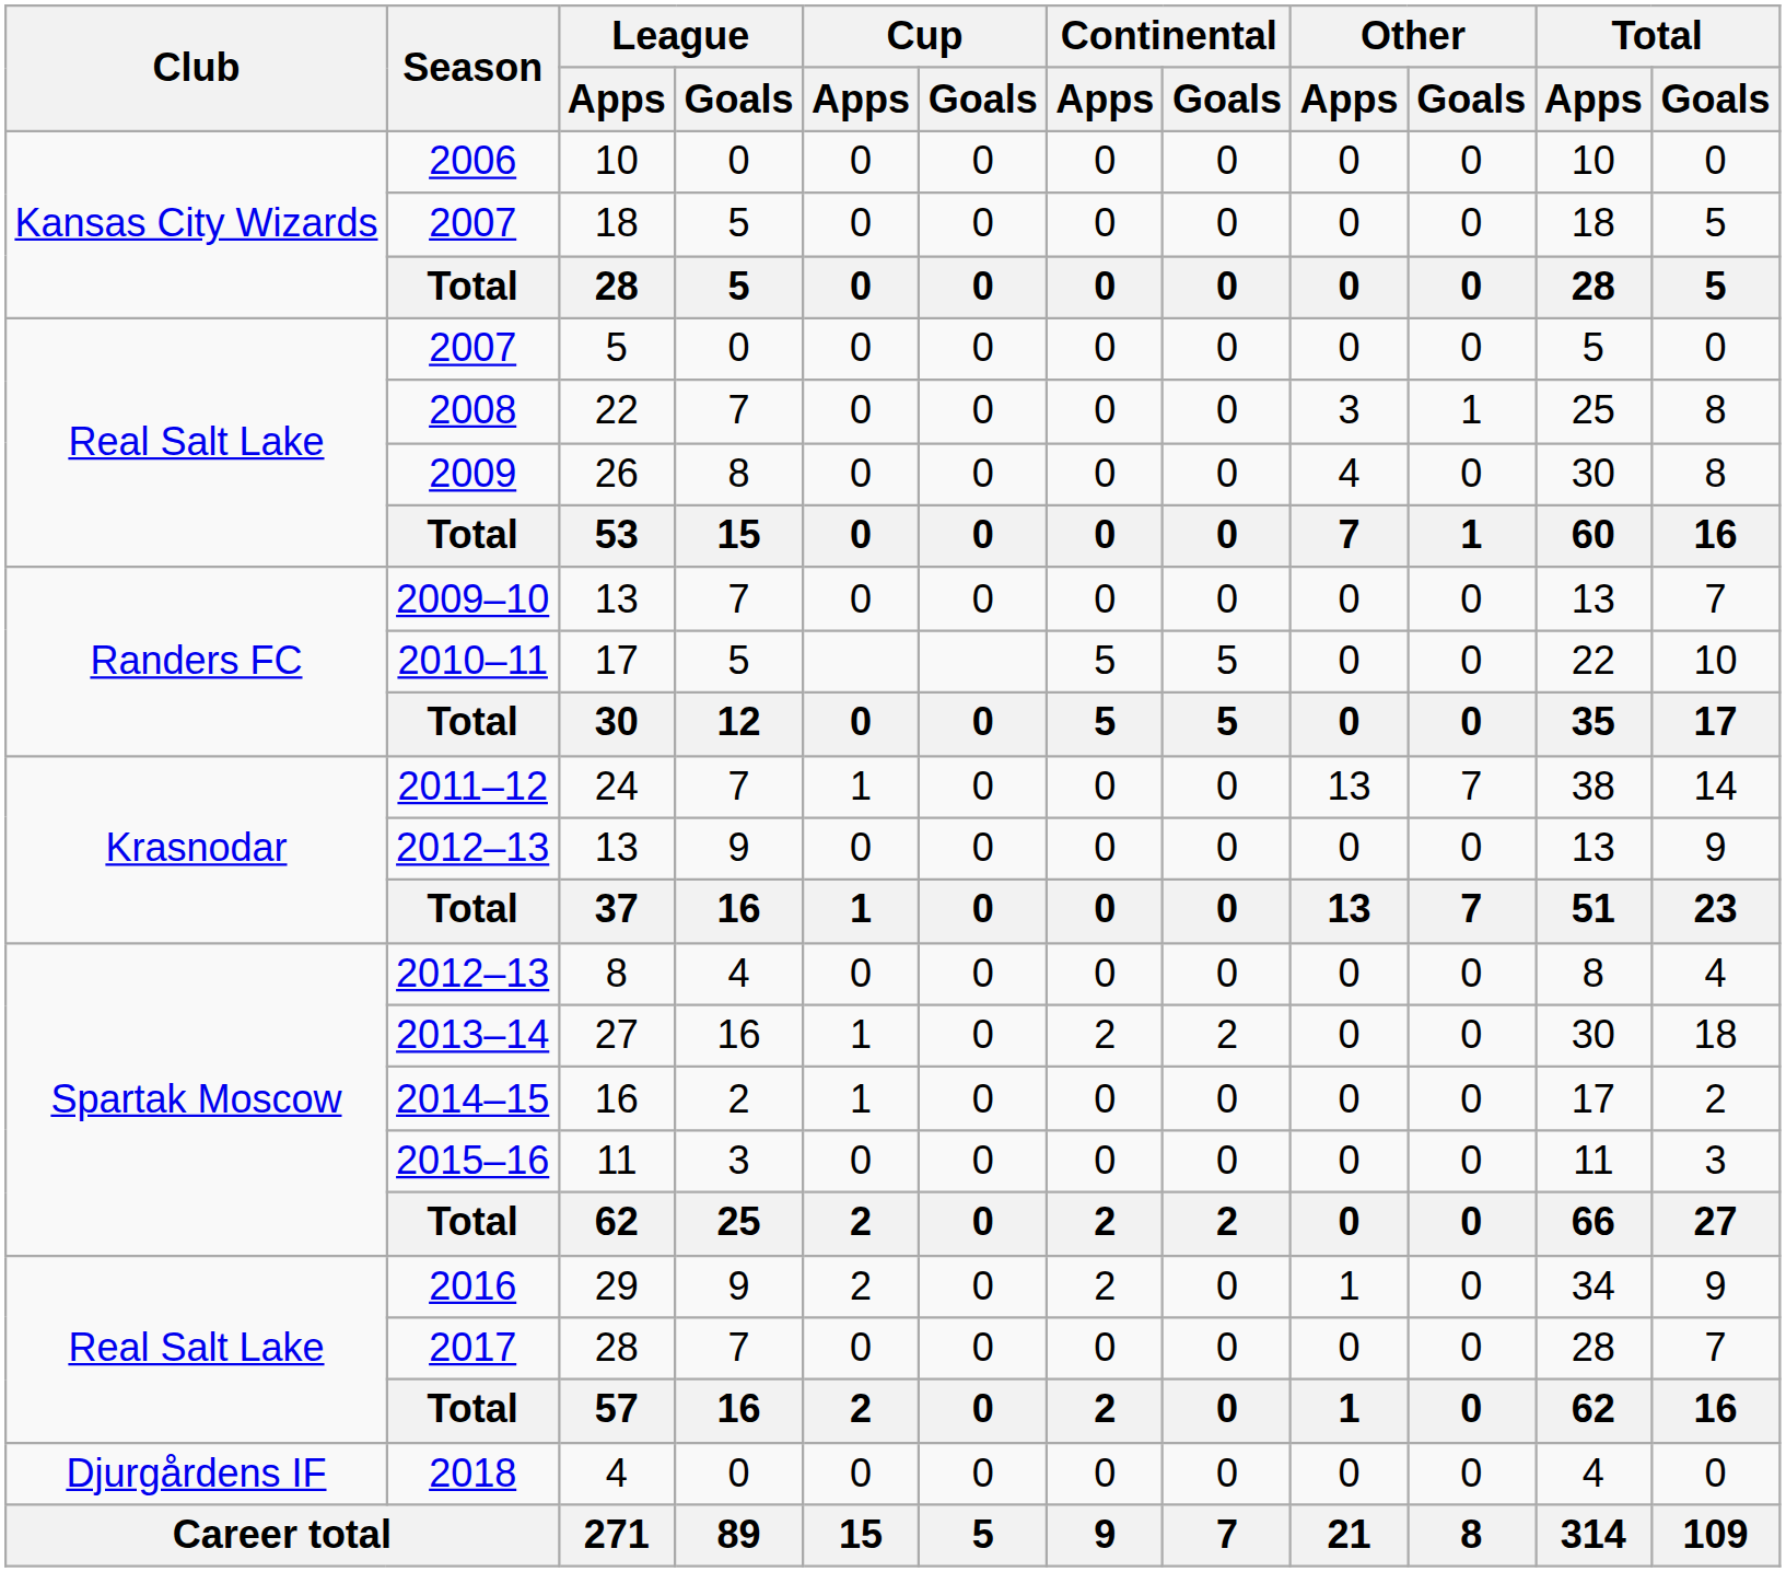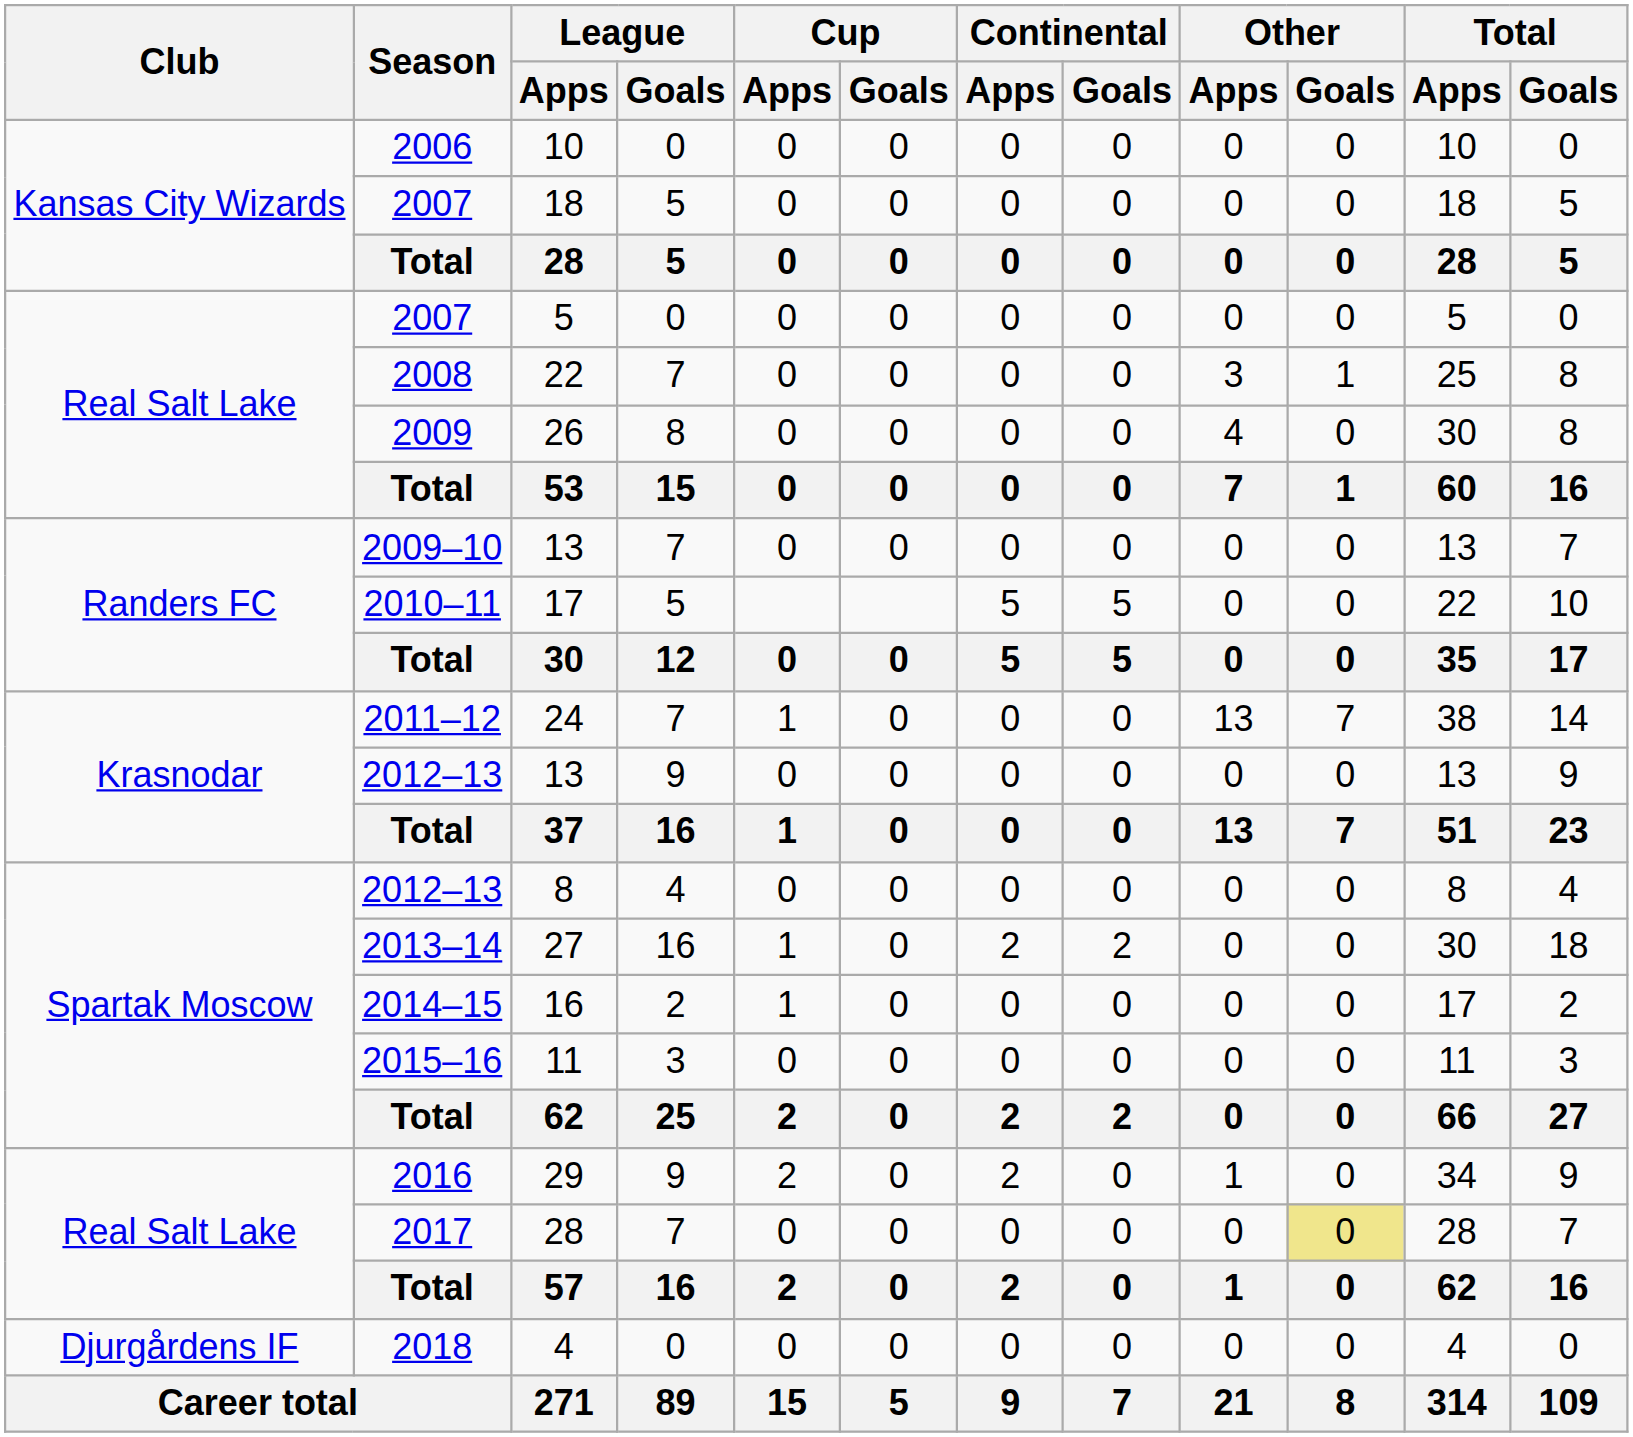 <table class="wikitable" style="text-align:center">
 <tr>
 <th rowspan=2>Club</th>
 <th rowspan=2>Season</th>
 <th colspan=2>League</th>
 <th colspan=2>Cup</th>
 <th colspan=2>Continental</th>
 <th colspan=2>Other</th>
 <th colspan=2>Total</th>
 </tr>
 <tr>
 <th>Apps</th>
 <th>Goals</th>
 <th>Apps</th>
 <th>Goals</th>
 <th>Apps</th>
 <th>Goals</th>
 <th>Apps</th>
 <th>Goals</th>
 <th>Apps</th>
 <th>Goals</th>
 </tr>
 <tr>
 <td rowspan=3><a href='#'>Kansas City Wizards</a></td>
 <td><a href='#'>2006</a></td>
 <td>10</td>
 <td>0</td>
 <td>0</td>
 <td>0</td>
 <td>0</td>
 <td>0</td>
 <td>0</td>
 <td>0</td>
 <td>10</td>
 <td>0</td>
 </tr>
 <tr>
 <td><a href='#'>2007</a></td>
 <td>18</td>
 <td>5</td>
 <td>0</td>
 <td>0</td>
 <td>0</td>
 <td>0</td>
 <td>0</td>
 <td>0</td>
 <td>18</td>
 <td>5</td>
 </tr>
 <tr>
 <th>Total</th>
 <th>28</th>
 <th>5</th>
 <th>0</th>
 <th>0</th>
 <th>0</th>
 <th>0</th>
 <th>0</th>
 <th>0</th>
 <th>28</th>
 <th>5</th>
 </tr>
 <tr>
 <td rowspan=4><a href='#'>Real Salt Lake</a></td>
 <td><a href='#'>2007</a></td>
 <td>5</td>
 <td>0</td>
 <td>0</td>
 <td>0</td>
 <td>0</td>
 <td>0</td>
 <td>0</td>
 <td>0</td>
 <td>5</td>
 <td>0</td>
 </tr>
 <tr>
 <td><a href='#'>2008</a></td>
 <td>22</td>
 <td>7</td>
 <td>0</td>
 <td>0</td>
 <td>0</td>
 <td>0</td>
 <td>3</td>
 <td>1</td>
 <td>25</td>
 <td>8</td>
 </tr>
 <tr>
 <td><a href='#'>2009</a></td>
 <td>26</td>
 <td>8</td>
 <td>0</td>
 <td>0</td>
 <td>0</td>
 <td>0</td>
 <td>4</td>
 <td>0</td>
 <td>30</td>
 <td>8</td>
 </tr>
 <tr>
 <th>Total</th>
 <th>53</th>
 <th>15</th>
 <th>0</th>
 <th>0</th>
 <th>0</th>
 <th>0</th>
 <th>7</th>
 <th>1</th>
 <th>60</th>
 <th>16</th>
 </tr>
 <tr>
 <td rowspan=3><a href='#'>Randers FC</a></td>
 <td><a href='#'>2009–10</a></td>
 <td>13</td>
 <td>7</td>
 <td>0</td>
 <td>0</td>
 <td>0</td>
 <td>0</td>
 <td>0</td>
 <td>0</td>
 <td>13</td>
 <td>7</td>
 </tr>
 <tr>
 <td><a href='#'>2010–11</a></td>
 <td>17</td>
 <td>5</td>
 <td></td>
 <td></td>
 <td>5</td>
 <td>5</td>
 <td>0</td>
 <td>0</td>
 <td>22</td>
 <td>10</td>
 </tr>
 <tr>
 <th>Total</th>
 <th>30</th>
 <th>12</th>
 <th>0</th>
 <th>0</th>
 <th>5</th>
 <th>5</th>
 <th>0</th>
 <th>0</th>
 <th>35</th>
 <th>17</th>
 </tr>
 <tr>
 <td rowspan=3><a href='#'>Krasnodar</a></td>
 <td><a href='#'>2011–12</a></td>
 <td>24</td>
 <td>7</td>
 <td>1</td>
 <td>0</td>
 <td>0</td>
 <td>0</td>
 <td>13</td>
 <td>7</td>
 <td>38</td>
 <td>14</td>
 </tr>
 <tr>
 <td><a href='#'>2012–13</a></td>
 <td>13</td>
 <td>9</td>
 <td>0</td>
 <td>0</td>
 <td>0</td>
 <td>0</td>
 <td>0</td>
 <td>0</td>
 <td>13</td>
 <td>9</td>
 </tr>
 <tr>
 <th>Total</th>
 <th>37</th>
 <th>16</th>
 <th>1</th>
 <th>0</th>
 <th>0</th>
 <th>0</th>
 <th>13</th>
 <th>7</th>
 <th>51</th>
 <th>23</th>
 </tr>
 <tr>
 <td rowspan=5><a href='#'>Spartak Moscow</a></td>
 <td><a href='#'>2012–13</a></td>
 <td>8</td>
 <td>4</td>
 <td>0</td>
 <td>0</td>
 <td>0</td>
 <td>0</td>
 <td>0</td>
 <td>0</td>
 <td>8</td>
 <td>4</td>
 </tr>
 <tr>
 <td><a href='#'>2013–14</a></td>
 <td>27</td>
 <td>16</td>
 <td>1</td>
 <td>0</td>
 <td>2</td>
 <td>2</td>
 <td>0</td>
 <td>0</td>
 <td>30</td>
 <td>18</td>
 </tr>
 <tr>
 <td><a href='#'>2014–15</a></td>
 <td>16</td>
 <td>2</td>
 <td>1</td>
 <td>0</td>
 <td>0</td>
 <td>0</td>
 <td>0</td>
 <td>0</td>
 <td>17</td>
 <td>2</td>
 </tr>
 <tr>
 <td><a href='#'>2015–16</a></td>
 <td>11</td>
 <td>3</td>
 <td>0</td>
 <td>0</td>
 <td>0</td>
 <td>0</td>
 <td>0</td>
 <td>0</td>
 <td>11</td>
 <td>3</td>
 </tr>
 <tr>
 <th>Total</th>
 <th>62</th>
 <th>25</th>
 <th>2</th>
 <th>0</th>
 <th>2</th>
 <th>2</th>
 <th>0</th>
 <th>0</th>
 <th>66</th>
 <th>27</th>
 </tr>
 <tr>
 <td rowspan=3><a href='#'>Real Salt Lake</a></td>
 <td><a href='#'>2016</a></td>
 <td>29</td>
 <td>9</td>
 <td>2</td>
 <td>0</td>
 <td>2</td>
 <td>0</td>
 <td>1</td>
 <td>0</td>
 <td>34</td>
 <td>9</td>
 </tr>
 <tr>
 <td><a href='#'>2017</a></td>
 <td>28</td>
 <td>7</td>
 <td>0</td>
 <td>0</td>
 <td>0</td>
 <td>0</td>
 <td>0</td>
-<td>0</td>
+<td style="background: khaki;">0</td>
 <td>28</td>
 <td>7</td>
 </tr>
 <tr>
 <th>Total</th>
 <th>57</th>
 <th>16</th>
 <th>2</th>
 <th>0</th>
 <th>2</th>
 <th>0</th>
 <th>1</th>
 <th>0</th>
 <th>62</th>
 <th>16</th>
 </tr>
 <tr>
 <td><a href='#'>Djurgårdens IF</a></td>
 <td><a href='#'>2018</a></td>
 <td>4</td>
 <td>0</td>
 <td>0</td>
 <td>0</td>
 <td>0</td>
 <td>0</td>
 <td>0</td>
 <td>0</td>
 <td>4</td>
 <td>0</td>
 </tr>
 <tr>
 <th colspan=2>Career total</th>
 <th>271</th>
 <th>89</th>
 <th>15</th>
 <th>5</th>
 <th>9</th>
 <th>7</th>
 <th>21</th>
 <th>8</th>
 <th>314</th>
 <th>109</th>
 </tr>
 </table>
